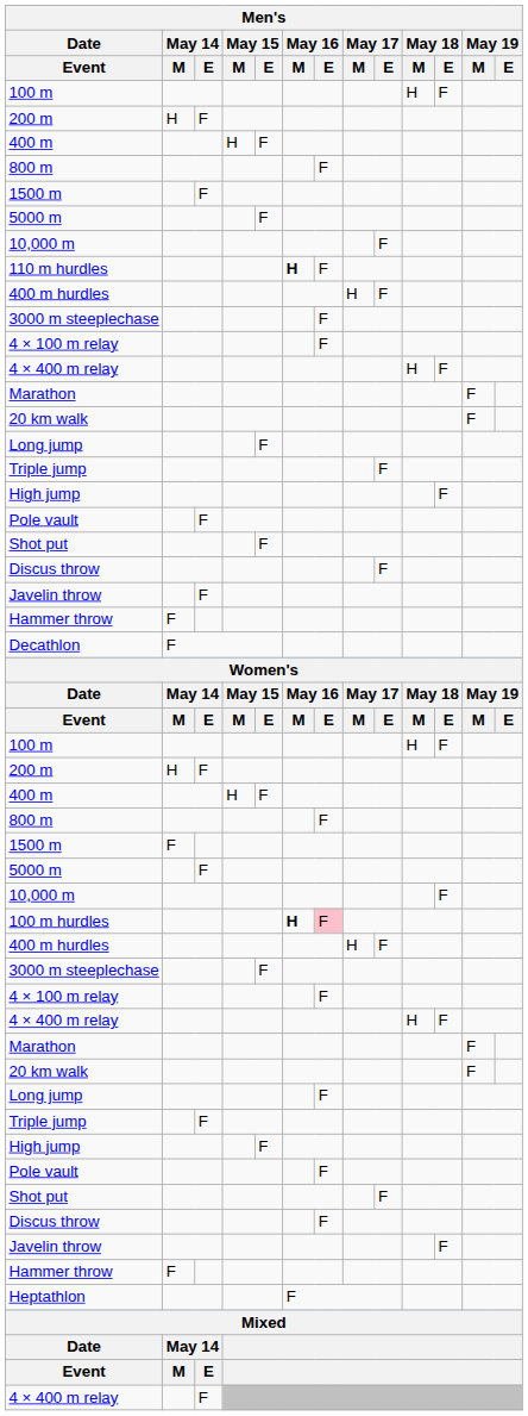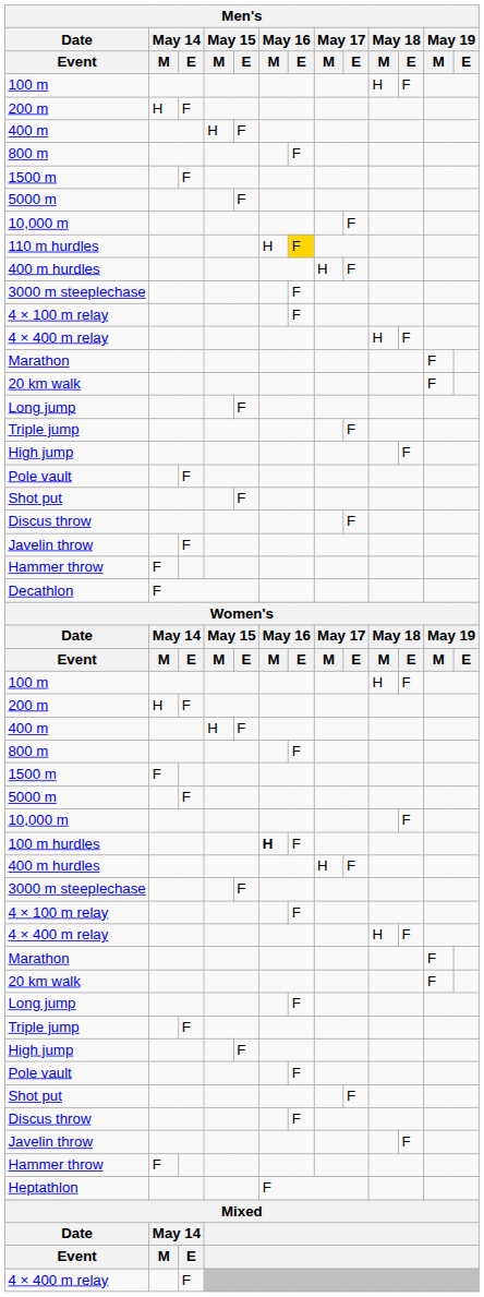 <table class="wikitable olympic-schedule athletics">
 <tr style="background:#9acdff;">
 <th colspan=13>Men's</th>
 </tr>
 <tr>
 <th>Date</th>
 <th colspan="2">May 14</th>
 <th colspan="2">May 15</th>
 <th colspan="2">May 16</th>
 <th colspan="2">May 17</th>
 <th colspan="2">May 18</th>
 <th colspan="2">May 19</th>
 </tr>
 <tr>
 <th>Event</th>
 <th>M</th>
 <th>E</th>
 <th>M</th>
 <th>E</th>
 <th>M</th>
 <th>E</th>
 <th>M</th>
 <th>E</th>
 <th>M</th>
 <th>E</th>
 <th>M</th>
 <th>E</th>
 </tr>
 <tr>
 <td class="event"><a href='#'>100 m</a></td>
 <td colspan="2"></td>
 <td colspan="2"></td>
 <td colspan="2"></td>
 <td colspan="2"></td>
 <td class="heats">H</td>
 <td class="final">F</td>
 <td colspan="2"></td>
 </tr>
 <tr>
 <td class="event"><a href='#'>200 m</a></td>
 <td class="heats">H</td>
 <td class="final">F</td>
 <td colspan="2"></td>
 <td colspan="2"></td>
 <td colspan="2"></td>
 <td colspan="2"></td>
 <td colspan="2"></td>
 </tr>
 <tr>
 <td class="event"><a href='#'>400 m</a></td>
 <td colspan="2"></td>
 <td class="heats">H</td>
 <td class="final">F</td>
 <td colspan="2"></td>
 <td colspan="2"></td>
 <td colspan="2"></td>
 <td colspan="2"></td>
 </tr>
 <tr>
 <td class="event"><a href='#'>800 m</a></td>
 <td colspan="2"></td>
 <td colspan="2"></td>
 <td></td>
 <td class="final">F</td>
 <td colspan="2"></td>
 <td colspan="2"></td>
 <td colspan="2"></td>
 </tr>
 <tr>
 <td class="event"><a href='#'>1500 m</a></td>
 <td></td>
 <td class="final">F</td>
 <td colspan="2"></td>
 <td colspan="2"></td>
 <td colspan="2"></td>
 <td colspan="2"></td>
 <td colspan="2"></td>
 </tr>
 <tr>
 <td class="event"><a href='#'>5000 m</a></td>
 <td colspan="2"></td>
 <td></td>
 <td class="final">F</td>
 <td colspan="2"></td>
 <td colspan="2"></td>
 <td colspan="2"></td>
 <td colspan="2"></td>
 </tr>
 <tr>
 <td class="event"><a href='#'>10,000 m</a></td>
 <td colspan="2"></td>
 <td colspan="2"></td>
 <td colspan="2"></td>
 <td></td>
 <td class="final">F</td>
 <td colspan="2"></td>
 <td colspan="2"></td>
 </tr>
 <tr>
 <td class="event"><a href='#'>110 m hurdles</a></td>
 <td colspan="2"></td>
 <td colspan="2"></td>
-<td class="heats"><strong>H</strong></td>
-<td class="final">F</td>
+<td class="heats">H</td>
+<td class="final" style="background: gold;">F</td>
 <td colspan="2"></td>
 <td colspan="2"></td>
 <td colspan="2"></td>
 </tr>
 <tr>
 <td class="event"><a href='#'>400 m hurdles</a></td>
 <td colspan="2"></td>
 <td colspan="2"></td>
 <td colspan="2"></td>
 <td class="heats">H</td>
 <td class="final">F</td>
 <td colspan="2"></td>
 <td colspan="2"></td>
 </tr>
 <tr>
 <td class="event"><a href='#'>3000 m steeplechase</a></td>
 <td colspan="2"></td>
 <td colspan="2"></td>
 <td></td>
 <td class="final">F</td>
 <td colspan="2"></td>
 <td colspan="2"></td>
 <td colspan="2"></td>
 </tr>
 <tr>
 <td class="event"><a href='#'>4 × 100 m relay</a></td>
 <td colspan="2"></td>
 <td colspan="2"></td>
 <td></td>
 <td class="final">F</td>
 <td colspan="2"></td>
 <td colspan="2"></td>
 <td colspan="2"></td>
 </tr>
 <tr>
 <td class="event"><a href='#'>4 × 400 m relay</a></td>
 <td colspan="2"></td>
 <td colspan="2"></td>
 <td colspan="2"></td>
 <td colspan="2"></td>
 <td class="heats">H</td>
 <td class="final">F</td>
 <td colspan="2"></td>
 </tr>
 <tr>
 <td class="event"><a href='#'>Marathon</a></td>
 <td colspan="2"></td>
 <td colspan="2"></td>
 <td colspan="2"></td>
 <td colspan="2"></td>
 <td colspan="2"></td>
 <td class="final">F</td>
 <td></td>
 </tr>
 <tr>
 <td class="event"><a href='#'>20 km walk</a></td>
 <td colspan="2"></td>
 <td colspan="2"></td>
 <td colspan="2"></td>
 <td colspan="2"></td>
 <td colspan="2"></td>
 <td class="final">F</td>
 <td></td>
 </tr>
 <tr>
 <td class="event"><a href='#'>Long jump</a></td>
 <td colspan="2"></td>
 <td></td>
 <td class="final">F</td>
 <td colspan="2"></td>
 <td colspan="2"></td>
 <td colspan="2"></td>
 <td colspan="2"></td>
 </tr>
 <tr>
 <td class="event"><a href='#'>Triple jump</a></td>
 <td colspan="2"></td>
 <td colspan="2"></td>
 <td colspan="2"></td>
 <td></td>
 <td class="final">F</td>
 <td colspan="2"></td>
 <td colspan="2"></td>
 </tr>
 <tr>
 <td class="event"><a href='#'>High jump</a></td>
 <td colspan="2"></td>
 <td colspan="2"></td>
 <td colspan="2"></td>
 <td colspan="2"></td>
 <td></td>
 <td class="final">F</td>
 <td colspan="2"></td>
 </tr>
 <tr>
 <td class="event"><a href='#'>Pole vault</a></td>
 <td></td>
 <td class="final">F</td>
 <td colspan="2"></td>
 <td colspan="2"></td>
 <td colspan="2"></td>
 <td colspan="2"></td>
 <td colspan="2"></td>
 </tr>
 <tr>
 <td class="event"><a href='#'>Shot put</a></td>
 <td colspan="2"></td>
 <td></td>
 <td class="final">F</td>
 <td colspan="2"></td>
 <td colspan="2"></td>
 <td colspan="2"></td>
 <td colspan="2"></td>
 </tr>
 <tr>
 <td class="event"><a href='#'>Discus throw</a></td>
 <td colspan="2"></td>
 <td colspan="2"></td>
 <td colspan="2"></td>
 <td></td>
 <td class="final">F</td>
 <td colspan="2"></td>
 <td colspan="2"></td>
 </tr>
 <tr>
 <td class="event"><a href='#'>Javelin throw</a></td>
 <td></td>
 <td class="final">F</td>
 <td colspan="2"></td>
 <td colspan="2"></td>
 <td colspan="2"></td>
 <td colspan="2"></td>
 <td colspan="2"></td>
 </tr>
 <tr>
 <td class="event"><a href='#'>Hammer throw</a></td>
 <td class="final">F</td>
 <td></td>
 <td colspan="2"></td>
 <td colspan="2"></td>
 <td colspan="2"></td>
 <td colspan="2"></td>
 <td colspan="2"></td>
 </tr>
 <tr>
 <td class="event"><a href='#'>Decathlon</a></td>
 <td colspan="4" class="final">F</td>
 <td colspan="2"></td>
 <td colspan="2"></td>
 <td colspan="2"></td>
 <td colspan="2"></td>
 </tr>
 <tr style="background:#9acdff;">
 <th colspan=22>Women's</th>
 </tr>
 <tr>
 <th>Date</th>
 <th colspan="2">May 14</th>
 <th colspan="2">May 15</th>
 <th colspan="2">May 16</th>
 <th colspan="2">May 17</th>
 <th colspan="2">May 18</th>
 <th colspan="2">May 19</th>
 </tr>
 <tr>
 <th>Event</th>
 <th>M</th>
 <th>E</th>
 <th>M</th>
 <th>E</th>
 <th>M</th>
 <th>E</th>
 <th>M</th>
 <th>E</th>
 <th>M</th>
 <th>E</th>
 <th>M</th>
 <th>E</th>
 </tr>
 <tr>
 <td class="event"><a href='#'>100 m</a></td>
 <td colspan="2"></td>
 <td colspan="2"></td>
 <td colspan="2"></td>
 <td colspan="2"></td>
 <td class="heats">H</td>
 <td class="final">F</td>
 <td colspan="2"></td>
 </tr>
 <tr>
 <td class="event"><a href='#'>200 m</a></td>
 <td class="heats">H</td>
 <td class="final">F</td>
 <td colspan="2"></td>
 <td colspan="2"></td>
 <td colspan="2"></td>
 <td colspan="2"></td>
 <td colspan="2"></td>
 </tr>
 <tr>
 <td class="event"><a href='#'>400 m</a></td>
 <td colspan="2"></td>
 <td class="heats">H</td>
 <td class="final">F</td>
 <td colspan="2"></td>
 <td colspan="2"></td>
 <td colspan="2"></td>
 <td colspan="2"></td>
 </tr>
 <tr>
 <td class="event"><a href='#'>800 m</a></td>
 <td colspan="2"></td>
 <td colspan="2"></td>
 <td></td>
 <td class="final">F</td>
 <td colspan="2"></td>
 <td colspan="2"></td>
 <td colspan="2"></td>
 </tr>
 <tr>
 <td class="event"><a href='#'>1500 m</a></td>
 <td class="final">F</td>
 <td></td>
 <td colspan="2"></td>
 <td colspan="2"></td>
 <td colspan="2"></td>
 <td colspan="2"></td>
 <td colspan="2"></td>
 </tr>
 <tr>
 <td class="event"><a href='#'>5000 m</a></td>
 <td></td>
 <td class="final">F</td>
 <td colspan="2"></td>
 <td colspan="2"></td>
 <td colspan="2"></td>
 <td colspan="2"></td>
 <td colspan="2"></td>
 </tr>
 <tr>
 <td class="event"><a href='#'>10,000 m</a></td>
 <td colspan="2"></td>
 <td colspan="2"></td>
 <td colspan="2"></td>
 <td colspan="2"></td>
 <td></td>
 <td class="final">F</td>
 <td colspan="2"></td>
 </tr>
 <tr>
 <td class="event"><a href='#'>100 m hurdles</a></td>
 <td colspan="2"></td>
 <td colspan="2"></td>
 <td class="heats"><strong>H</strong></td>
-<td class="final" style="background: pink;">F</td>
+<td class="final">F</td>
 <td colspan="2"></td>
 <td colspan="2"></td>
 <td colspan="2"></td>
 </tr>
 <tr>
 <td class="event"><a href='#'>400 m hurdles</a></td>
 <td colspan="2"></td>
 <td colspan="2"></td>
 <td colspan="2"></td>
 <td class="heats">H</td>
 <td class="final">F</td>
 <td colspan="2"></td>
 <td colspan="2"></td>
 </tr>
 <tr>
 <td class="event"><a href='#'>3000 m steeplechase</a></td>
 <td colspan="2"></td>
 <td></td>
 <td class="final">F</td>
 <td colspan="2"></td>
 <td colspan="2"></td>
 <td colspan="2"></td>
 <td colspan="2"></td>
 </tr>
 <tr>
 <td class="event"><a href='#'>4 × 100 m relay</a></td>
 <td colspan="2"></td>
 <td colspan="2"></td>
 <td></td>
 <td class="final">F</td>
 <td colspan="2"></td>
 <td colspan="2"></td>
 <td colspan="2"></td>
 </tr>
 <tr>
 <td class="event"><a href='#'>4 × 400 m relay</a></td>
 <td colspan="2"></td>
 <td colspan="2"></td>
 <td colspan="2"></td>
 <td colspan="2"></td>
 <td class="heats">H</td>
 <td class="final">F</td>
 <td colspan="2"></td>
 </tr>
 <tr>
 <td class="event"><a href='#'>Marathon</a></td>
 <td colspan="2"></td>
 <td colspan="2"></td>
 <td colspan="2"></td>
 <td colspan="2"></td>
 <td colspan="2"></td>
 <td class="final">F</td>
 <td></td>
 </tr>
 <tr>
 <td class="event"><a href='#'>20 km walk</a></td>
 <td colspan="2"></td>
 <td colspan="2"></td>
 <td colspan="2"></td>
 <td colspan="2"></td>
 <td colspan="2"></td>
 <td class="final">F</td>
 <td></td>
 </tr>
 <tr>
 <td class="event"><a href='#'>Long jump</a></td>
 <td colspan="2"></td>
 <td colspan="2"></td>
 <td></td>
 <td class="final">F</td>
 <td colspan="2"></td>
 <td colspan="2"></td>
 <td colspan="2"></td>
 </tr>
 <tr>
 <td class="event"><a href='#'>Triple jump</a></td>
 <td></td>
 <td class="final">F</td>
 <td colspan="2"></td>
 <td colspan="2"></td>
 <td colspan="2"></td>
 <td colspan="2"></td>
 <td colspan="2"></td>
 </tr>
 <tr>
 <td class="event"><a href='#'>High jump</a></td>
 <td colspan="2"></td>
 <td></td>
 <td class="final">F</td>
 <td colspan="2"></td>
 <td colspan="2"></td>
 <td colspan="2"></td>
 <td colspan="2"></td>
 </tr>
 <tr>
 <td class="event"><a href='#'>Pole vault</a></td>
 <td colspan="2"></td>
 <td colspan="2"></td>
 <td></td>
 <td class="final">F</td>
 <td colspan="2"></td>
 <td colspan="2"></td>
 <td colspan="2"></td>
 </tr>
 <tr>
 <td class="event"><a href='#'>Shot put</a></td>
 <td colspan="2"></td>
 <td colspan="2"></td>
 <td colspan="2"></td>
 <td></td>
 <td class="final">F</td>
 <td colspan="2"></td>
 <td colspan="2"></td>
 </tr>
 <tr>
 <td class="event"><a href='#'>Discus throw</a></td>
 <td colspan="2"></td>
 <td colspan="2"></td>
 <td></td>
 <td class="final">F</td>
 <td colspan="2"></td>
 <td colspan="2"></td>
 <td colspan="2"></td>
 </tr>
 <tr>
 <td class="event"><a href='#'>Javelin throw</a></td>
 <td colspan="2"></td>
 <td colspan="2"></td>
 <td colspan="2"></td>
 <td colspan="2"></td>
 <td></td>
 <td class="final">F</td>
 <td colspan="2"></td>
 </tr>
 <tr>
 <td class="event"><a href='#'>Hammer throw</a></td>
 <td class="final">F</td>
 <td></td>
 <td colspan="2"></td>
 <td colspan="2"></td>
 <td colspan="2"></td>
 <td colspan="2"></td>
 <td colspan="2"></td>
 </tr>
 <tr>
 <td class="event"><a href='#'>Heptathlon</a></td>
 <td colspan="2"></td>
 <td colspan="2"></td>
 <td colspan="4" class="final">F</td>
 <td colspan="2"></td>
 <td colspan="2"></td>
 </tr>
 <tr style="background:#9acdff;">
 <th colspan=13>Mixed</th>
 </tr>
 <tr>
 <th>Date</th>
 <th colspan="2">May 14</th>
 <th colspan="19" bgcolor=silver></th>
 </tr>
 <tr>
 <th>Event</th>
 <th>M</th>
 <th>E</th>
 <th colspan="19" bgcolor=silver></th>
 </tr>
 <tr>
 <td class="event"><a href='#'>4 × 400 m relay</a></td>
 <td></td>
 <td class="final">F</td>
 <td colspan="11" bgcolor=silver></td>
 </tr>
 </table>
